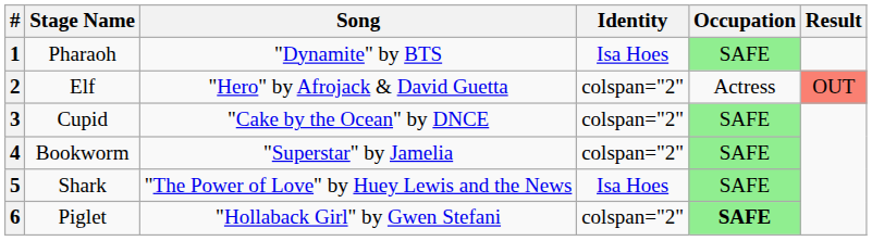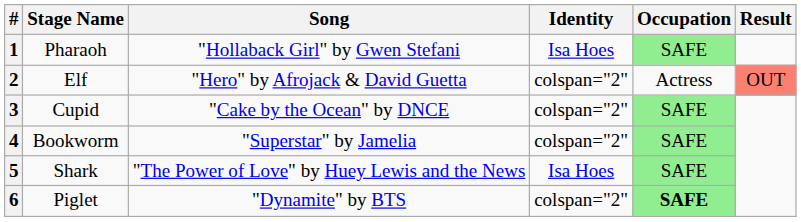 <table class="wikitable plainrowheaders" style="text-align: center;">
 <tr>
 <th><strong>#</strong></th>
 <th><strong>Stage Name</strong></th>
 <th><strong>Song</strong></th>
 <th>Identity</th>
 <th><strong>Occupation</strong></th>
 <th>Result</th>
 </tr>
 <tr>
 <th>1</th>
 <td>Pharaoh</td>
-<td>"<a href='#'>Dynamite</a>" by <a href='#'>BTS</a></td>
+<td>"<a href='#'>Hollaback Girl</a>" by <a href='#'>Gwen Stefani</a></td>
 <td><a href='#'>Isa Hoes</a></td>
 <td bgcolor="lightgreen">SAFE</td>
 </tr>
 <tr>
 <th>2</th>
 <td>Elf</td>
 <td>"<a href='#'>Hero</a>" by <a href='#'>Afrojack</a> & <a href='#'>David Guetta</a></td>
 <td>colspan="2" </td>
 <td>Actress</td>
 <td bgcolor=salmon>OUT</td>
 </tr>
 <tr>
 <th>3</th>
 <td>Cupid</td>
 <td>"<a href='#'>Cake by the Ocean</a>" by <a href='#'>DNCE</a></td>
 <td>colspan="2" </td>
 <td bgcolor="lightgreen">SAFE</td>
 </tr>
 <tr>
 <th>4</th>
 <td>Bookworm</td>
 <td>"<a href='#'>Superstar</a>" by <a href='#'>Jamelia</a></td>
 <td>colspan="2" </td>
 <td bgcolor="lightgreen">SAFE</td>
 </tr>
 <tr>
 <th>5</th>
 <td>Shark</td>
 <td>"<a href='#'>The Power of Love</a>" by <a href='#'>Huey Lewis and the News</a></td>
 <td><a href='#'>Isa Hoes</a></td>
 <td bgcolor="lightgreen">SAFE</td>
 </tr>
 <tr>
 <th>6</th>
 <td>Piglet</td>
-<td>"<a href='#'>Hollaback Girl</a>" by <a href='#'>Gwen Stefani</a></td>
+<td>"<a href='#'>Dynamite</a>" by <a href='#'>BTS</a></td>
 <td>colspan="2" </td>
 <td bgcolor="lightgreen"><strong>SAFE</strong></td>
 </tr>
 </table>
